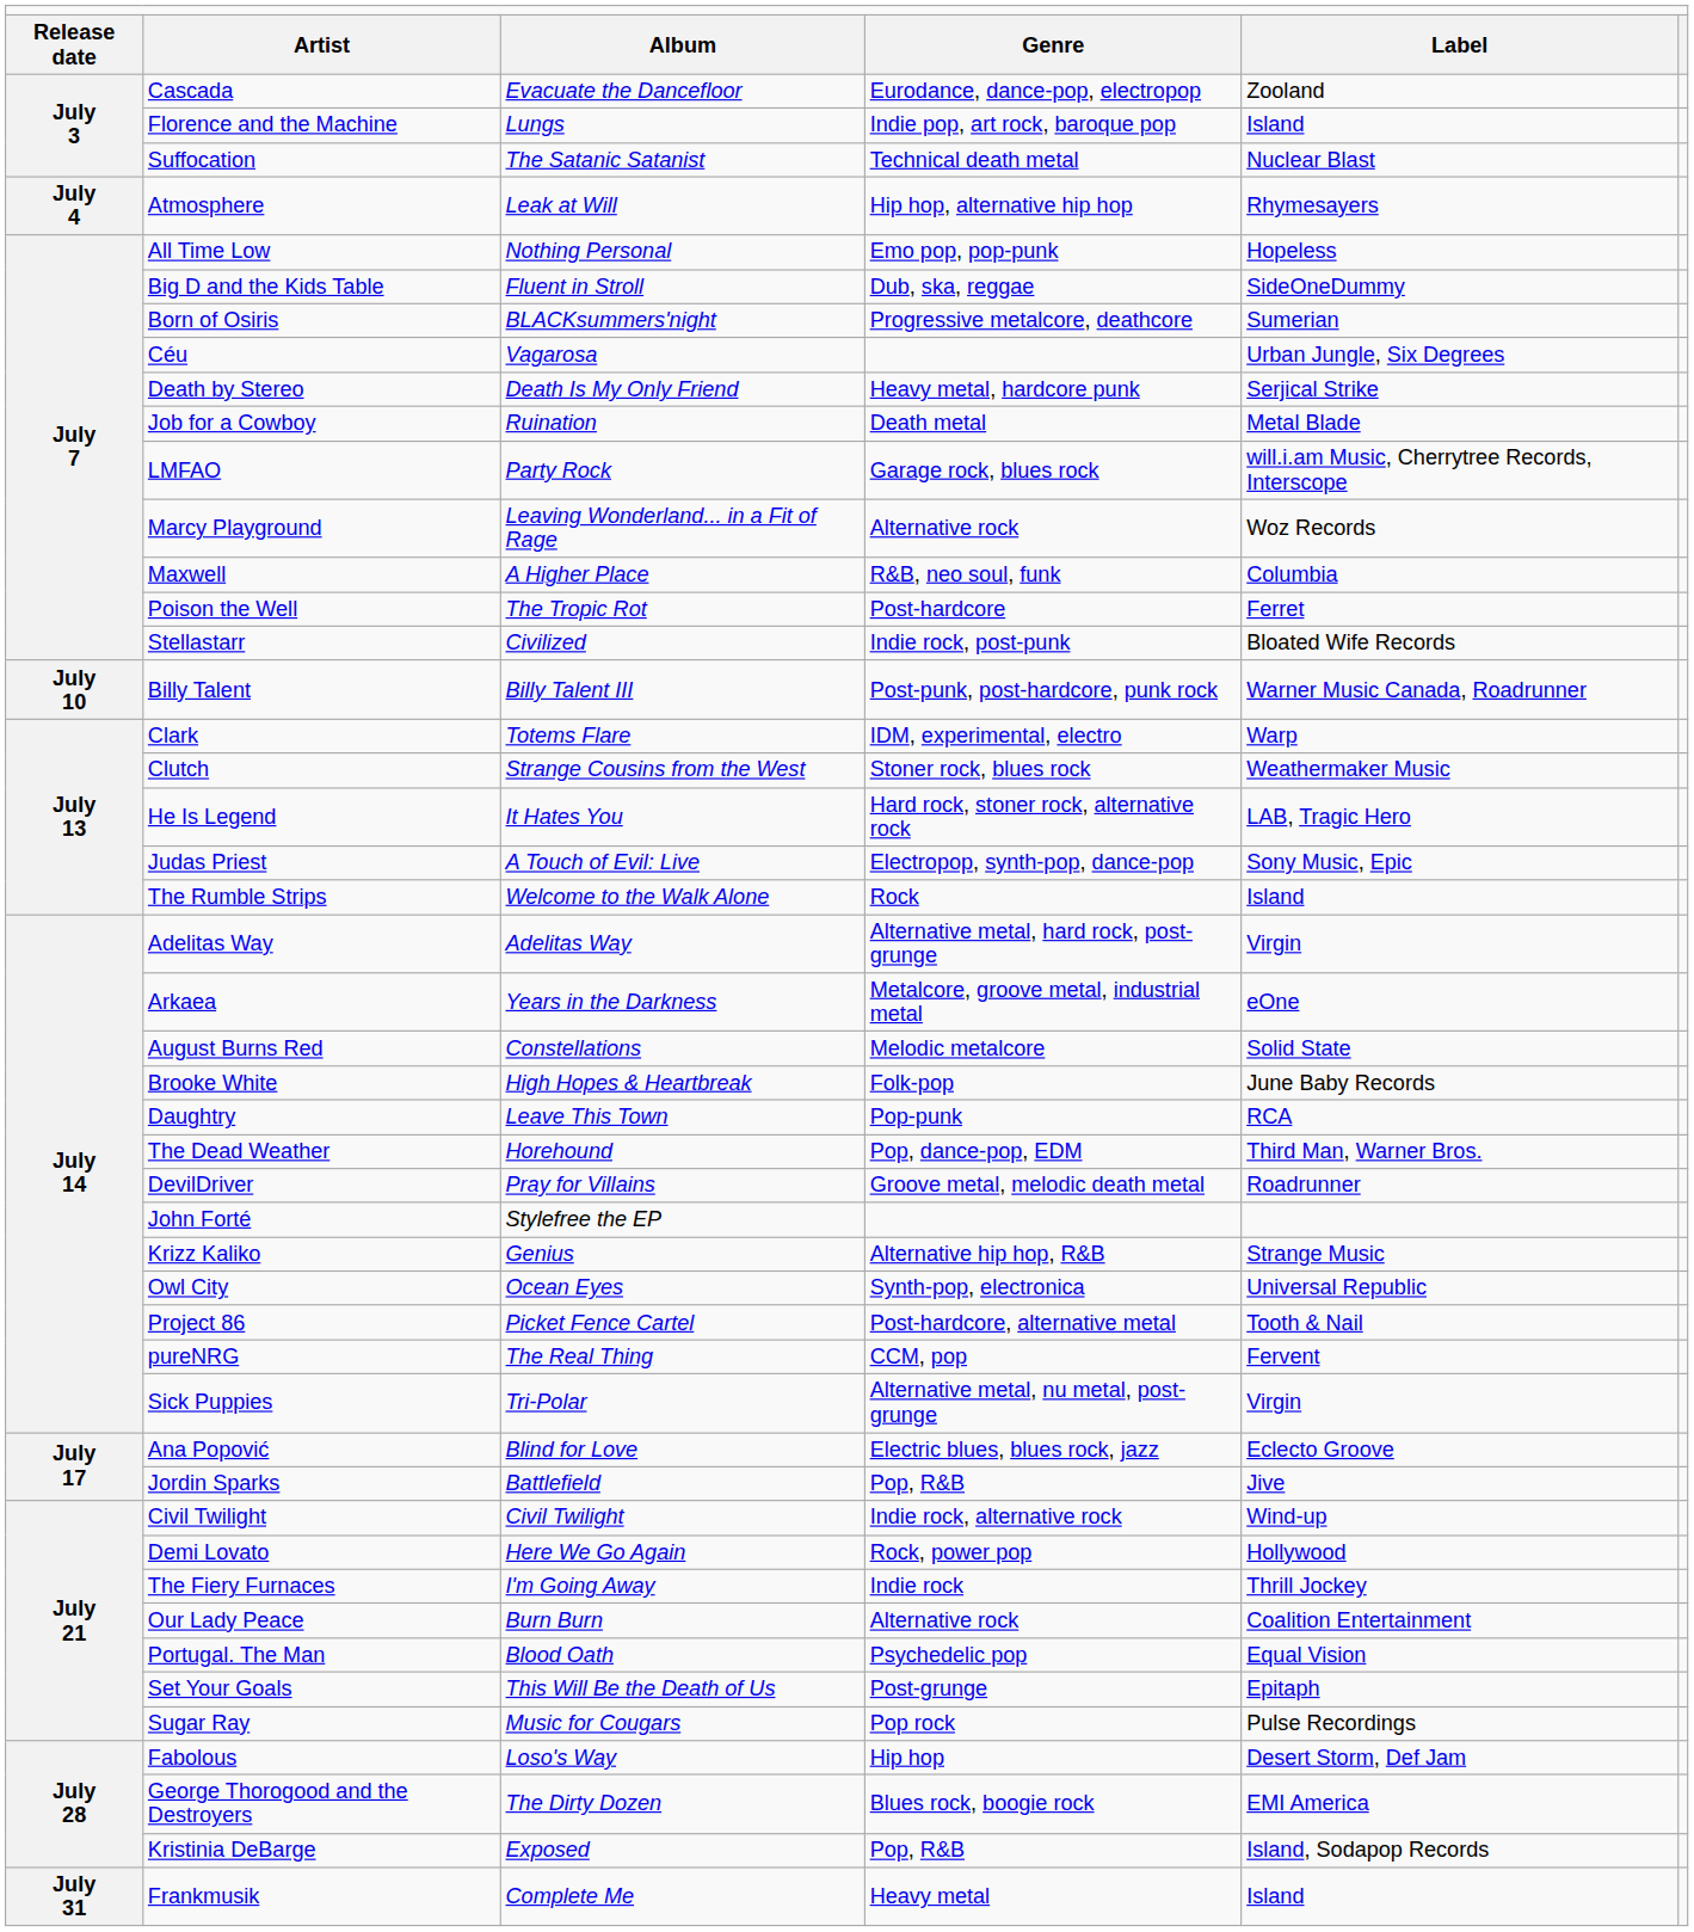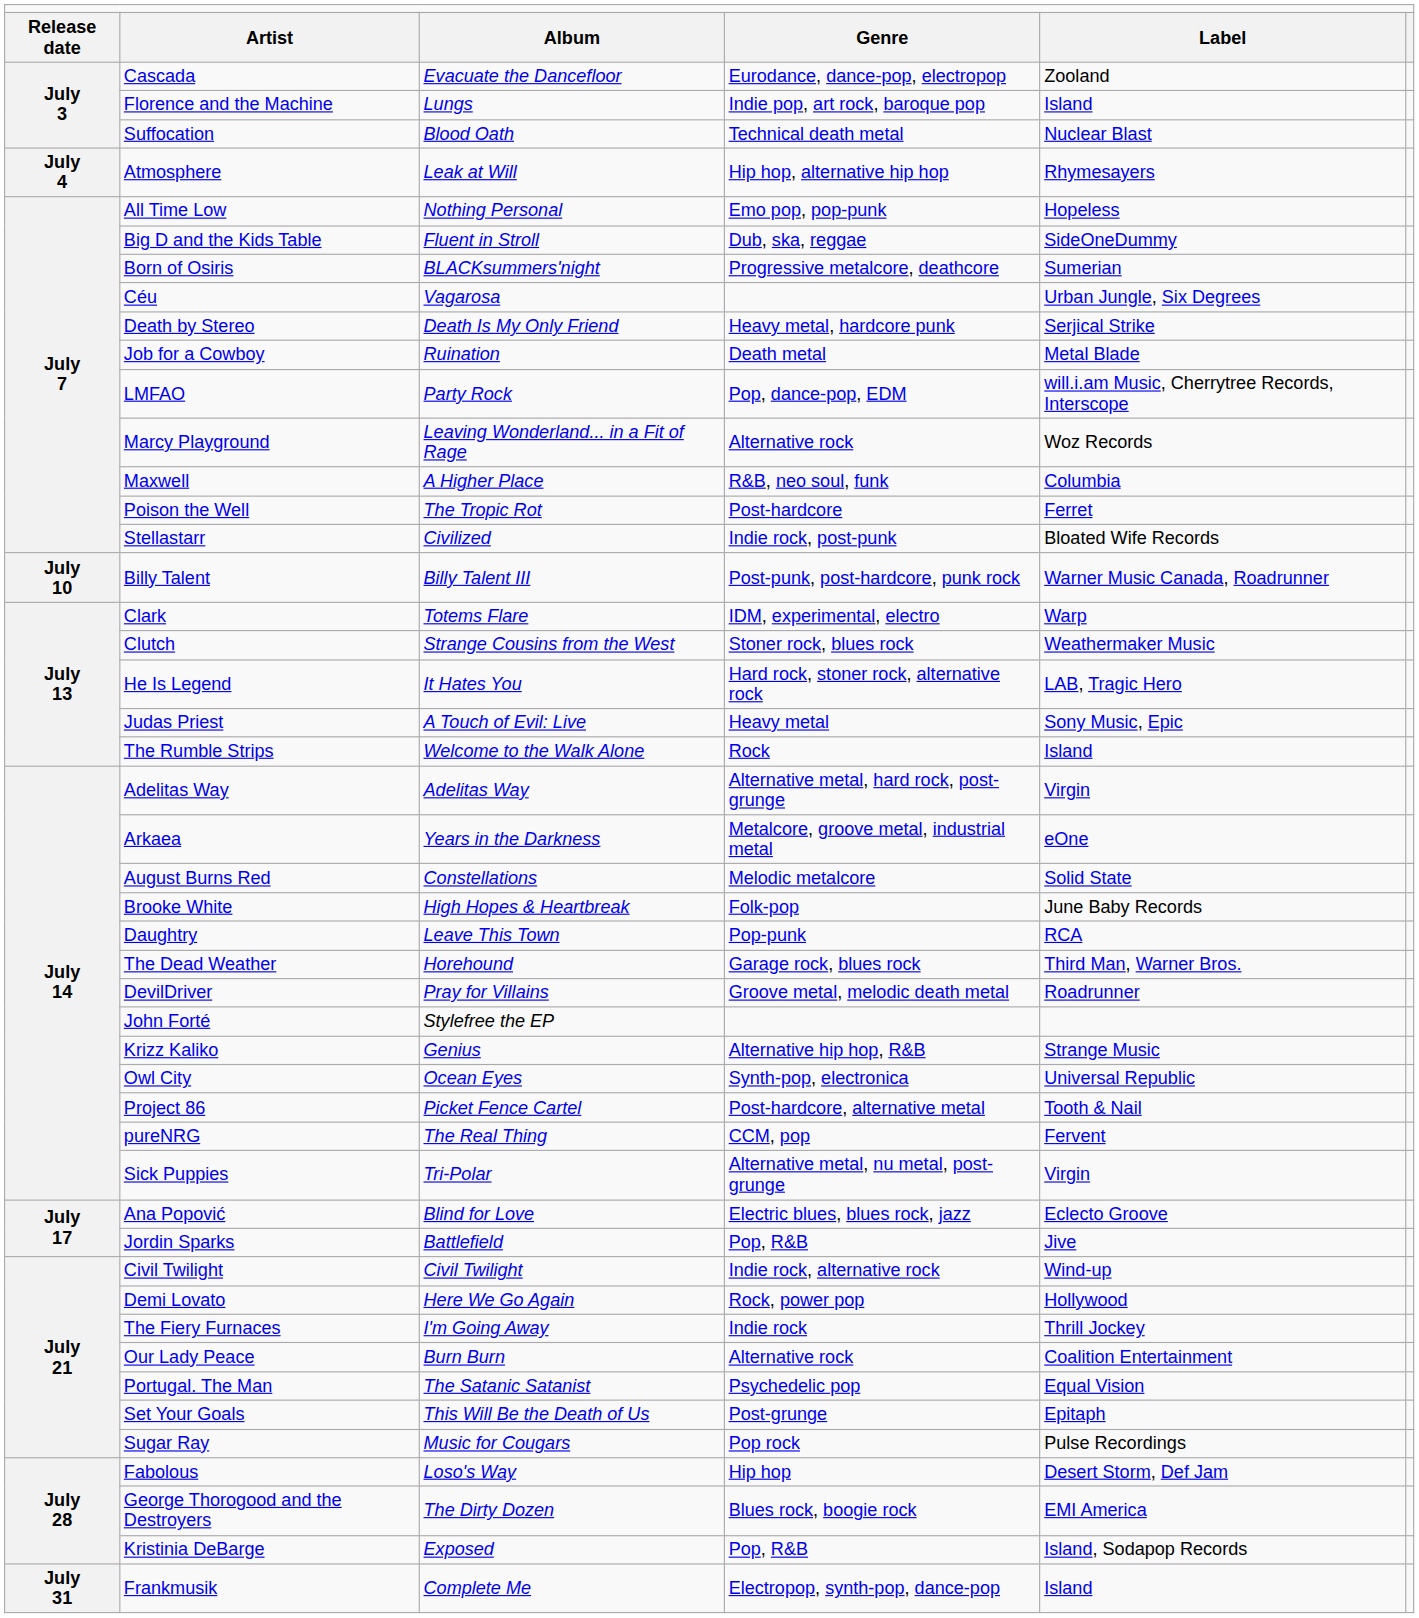 <table class="wikitable plainrowheaders">
 <tr>
 <td colspan="6" style="text-align:center;"></td>
 </tr>
 <tr>
 <th scope="col">Release date</th>
 <th scope="col">Artist</th>
 <th scope="col">Album</th>
 <th scope="col">Genre</th>
 <th scope="col">Label</th>
 <th scope="col"></th>
 </tr>
 <tr>
 <th scope="row" rowspan="3" style="text-align:center;">July<br>3</th>
 <td><a href='#'>Cascada</a></td>
 <td><em><a href='#'>Evacuate the Dancefloor</a></em></td>
 <td><a href='#'>Eurodance</a>, <a href='#'>dance-pop</a>, <a href='#'>electropop</a></td>
 <td>Zooland</td>
 <td></td>
 </tr>
 <tr>
 <td><a href='#'>Florence and the Machine</a></td>
 <td><em><a href='#'>Lungs</a></em></td>
 <td><a href='#'>Indie pop</a>, <a href='#'>art rock</a>, <a href='#'>baroque pop</a></td>
 <td><a href='#'>Island</a></td>
 <td></td>
 </tr>
 <tr>
 <td><a href='#'>Suffocation</a></td>
-<td><em><a href='#'>The Satanic Satanist</a></em></td>
+<td><em><a href='#'>Blood Oath</a></em></td>
 <td><a href='#'>Technical death metal</a></td>
 <td><a href='#'>Nuclear Blast</a></td>
 <td></td>
 </tr>
 <tr>
 <th scope="row" style="text-align:center;">July<br>4</th>
 <td><a href='#'>Atmosphere</a></td>
 <td><em><a href='#'>Leak at Will</a></em></td>
 <td><a href='#'>Hip hop</a>, <a href='#'>alternative hip hop</a></td>
 <td><a href='#'>Rhymesayers</a></td>
 <td></td>
 </tr>
 <tr>
 <th scope="row" rowspan="11" style="text-align:center;">July<br>7</th>
 <td><a href='#'>All Time Low</a></td>
 <td><em><a href='#'>Nothing Personal</a></em></td>
 <td><a href='#'>Emo pop</a>, <a href='#'>pop-punk</a></td>
 <td><a href='#'>Hopeless</a></td>
 <td></td>
 </tr>
 <tr>
 <td><a href='#'>Big D and the Kids Table</a></td>
 <td><em><a href='#'>Fluent in Stroll</a></em></td>
 <td><a href='#'>Dub</a>, <a href='#'>ska</a>, <a href='#'>reggae</a></td>
 <td><a href='#'>SideOneDummy</a></td>
 <td></td>
 </tr>
 <tr>
 <td><a href='#'>Born of Osiris</a></td>
 <td><em><a href='#'>BLACKsummers'night</a></em></td>
 <td><a href='#'>Progressive metalcore</a>, <a href='#'>deathcore</a></td>
 <td><a href='#'>Sumerian</a></td>
 <td></td>
 </tr>
 <tr>
 <td><a href='#'>Céu</a></td>
 <td><em><a href='#'>Vagarosa</a></em></td>
 <td></td>
 <td><a href='#'>Urban Jungle</a>, <a href='#'>Six Degrees</a></td>
 <td></td>
 </tr>
 <tr>
 <td><a href='#'>Death by Stereo</a></td>
 <td><em><a href='#'>Death Is My Only Friend</a></em></td>
 <td><a href='#'>Heavy metal</a>, <a href='#'>hardcore punk</a></td>
 <td><a href='#'>Serjical Strike</a></td>
 <td></td>
 </tr>
 <tr>
 <td><a href='#'>Job for a Cowboy</a></td>
 <td><em><a href='#'>Ruination</a></em></td>
 <td><a href='#'>Death metal</a></td>
 <td><a href='#'>Metal Blade</a></td>
 <td></td>
 </tr>
 <tr>
 <td><a href='#'>LMFAO</a></td>
 <td><em><a href='#'>Party Rock</a></em></td>
-<td><a href='#'>Garage rock</a>, <a href='#'>blues rock</a></td>
+<td><a href='#'>Pop</a>, <a href='#'>dance-pop</a>, <a href='#'>EDM</a></td>
 <td><a href='#'>will.i.am Music</a>, Cherrytree Records, <a href='#'>Interscope</a></td>
 <td></td>
 </tr>
 <tr>
 <td><a href='#'>Marcy Playground</a></td>
 <td><em><a href='#'>Leaving Wonderland... in a Fit of Rage</a></em></td>
 <td><a href='#'>Alternative rock</a></td>
 <td>Woz Records</td>
 <td></td>
 </tr>
 <tr>
 <td><a href='#'>Maxwell</a></td>
 <td><em><a href='#'>A Higher Place</a></em></td>
 <td><a href='#'>R&B</a>, <a href='#'>neo soul</a>, <a href='#'>funk</a></td>
 <td><a href='#'>Columbia</a></td>
 <td></td>
 </tr>
 <tr>
 <td><a href='#'>Poison the Well</a></td>
 <td><em><a href='#'>The Tropic Rot</a></em></td>
 <td><a href='#'>Post-hardcore</a></td>
 <td><a href='#'>Ferret</a></td>
 <td></td>
 </tr>
 <tr>
 <td><a href='#'>Stellastarr</a></td>
 <td><em><a href='#'>Civilized</a></em></td>
 <td><a href='#'>Indie rock</a>, <a href='#'>post-punk</a></td>
 <td>Bloated Wife Records</td>
 <td></td>
 </tr>
 <tr>
 <th scope="row" style="text-align:center;">July<br>10</th>
 <td><a href='#'>Billy Talent</a></td>
 <td><em><a href='#'>Billy Talent III</a></em></td>
 <td><a href='#'>Post-punk</a>, <a href='#'>post-hardcore</a>, <a href='#'>punk rock</a></td>
 <td><a href='#'>Warner Music Canada</a>, <a href='#'>Roadrunner</a></td>
 <td></td>
 </tr>
 <tr>
 <th scope="row" rowspan="5" style="text-align:center;">July<br>13</th>
 <td><a href='#'>Clark</a></td>
 <td><em><a href='#'>Totems Flare</a></em></td>
 <td><a href='#'>IDM</a>, <a href='#'>experimental</a>, <a href='#'>electro</a></td>
 <td><a href='#'>Warp</a></td>
 <td></td>
 </tr>
 <tr>
 <td><a href='#'>Clutch</a></td>
 <td><em><a href='#'>Strange Cousins from the West</a></em></td>
 <td><a href='#'>Stoner rock</a>, <a href='#'>blues rock</a></td>
 <td><a href='#'>Weathermaker Music</a></td>
 <td></td>
 </tr>
 <tr>
 <td><a href='#'>He Is Legend</a></td>
 <td><em><a href='#'>It Hates You</a></em></td>
 <td><a href='#'>Hard rock</a>, <a href='#'>stoner rock</a>, <a href='#'>alternative rock</a></td>
 <td><a href='#'>LAB</a>, <a href='#'>Tragic Hero</a></td>
 <td></td>
 </tr>
 <tr>
 <td><a href='#'>Judas Priest</a></td>
 <td><em><a href='#'>A Touch of Evil: Live</a></em></td>
-<td><a href='#'>Electropop</a>, <a href='#'>synth-pop</a>, <a href='#'>dance-pop</a></td>
+<td><a href='#'>Heavy metal</a></td>
 <td><a href='#'>Sony Music</a>, <a href='#'>Epic</a></td>
 <td></td>
 </tr>
 <tr>
 <td><a href='#'>The Rumble Strips</a></td>
 <td><em><a href='#'>Welcome to the Walk Alone</a></em></td>
 <td><a href='#'>Rock</a></td>
 <td><a href='#'>Island</a></td>
 <td></td>
 </tr>
 <tr>
 <th scope="row" rowspan="13" style="text-align:center;">July<br>14</th>
 <td><a href='#'>Adelitas Way</a></td>
 <td><em><a href='#'>Adelitas Way</a></em></td>
 <td><a href='#'>Alternative metal</a>, <a href='#'>hard rock</a>, <a href='#'>post-grunge</a></td>
 <td><a href='#'>Virgin</a></td>
 <td></td>
 </tr>
 <tr>
 <td><a href='#'>Arkaea</a></td>
 <td><em><a href='#'>Years in the Darkness</a></em></td>
 <td><a href='#'>Metalcore</a>, <a href='#'>groove metal</a>, <a href='#'>industrial metal</a></td>
 <td><a href='#'>eOne</a></td>
 <td></td>
 </tr>
 <tr>
 <td><a href='#'>August Burns Red</a></td>
 <td><em><a href='#'>Constellations</a></em></td>
 <td><a href='#'>Melodic metalcore</a></td>
 <td><a href='#'>Solid State</a></td>
 <td></td>
 </tr>
 <tr>
 <td><a href='#'>Brooke White</a></td>
 <td><em><a href='#'>High Hopes & Heartbreak</a></em></td>
 <td><a href='#'>Folk-pop</a></td>
 <td>June Baby Records</td>
 <td></td>
 </tr>
 <tr>
 <td><a href='#'>Daughtry</a></td>
 <td><em><a href='#'>Leave This Town</a></em></td>
 <td><a href='#'>Pop-punk</a></td>
 <td><a href='#'>RCA</a></td>
 <td></td>
 </tr>
 <tr>
 <td><a href='#'>The Dead Weather</a></td>
 <td><em><a href='#'>Horehound</a></em></td>
-<td><a href='#'>Pop</a>, <a href='#'>dance-pop</a>, <a href='#'>EDM</a></td>
+<td><a href='#'>Garage rock</a>, <a href='#'>blues rock</a></td>
 <td><a href='#'>Third Man</a>, <a href='#'>Warner Bros.</a></td>
 <td></td>
 </tr>
 <tr>
 <td><a href='#'>DevilDriver</a></td>
 <td><em><a href='#'>Pray for Villains</a></em></td>
 <td><a href='#'>Groove metal</a>, <a href='#'>melodic death metal</a></td>
 <td><a href='#'>Roadrunner</a></td>
 <td></td>
 </tr>
 <tr>
 <td><a href='#'>John Forté</a></td>
 <td><em>Stylefree the EP</em></td>
 <td></td>
 <td></td>
 <td></td>
 </tr>
 <tr>
 <td><a href='#'>Krizz Kaliko</a></td>
 <td><em><a href='#'>Genius</a></em></td>
 <td><a href='#'>Alternative hip hop</a>, <a href='#'>R&B</a></td>
 <td><a href='#'>Strange Music</a></td>
 <td></td>
 </tr>
 <tr>
 <td><a href='#'>Owl City</a></td>
 <td><em><a href='#'>Ocean Eyes</a></em></td>
 <td><a href='#'>Synth-pop</a>, <a href='#'>electronica</a></td>
 <td><a href='#'>Universal Republic</a></td>
 <td></td>
 </tr>
 <tr>
 <td><a href='#'>Project 86</a></td>
 <td><em><a href='#'>Picket Fence Cartel</a></em></td>
 <td><a href='#'>Post-hardcore</a>, <a href='#'>alternative metal</a></td>
 <td><a href='#'>Tooth & Nail</a></td>
 <td></td>
 </tr>
 <tr>
 <td><a href='#'>pureNRG</a></td>
 <td><em><a href='#'>The Real Thing</a></em></td>
 <td><a href='#'>CCM</a>, <a href='#'>pop</a></td>
 <td><a href='#'>Fervent</a></td>
 <td></td>
 </tr>
 <tr>
 <td><a href='#'>Sick Puppies</a></td>
 <td><em><a href='#'>Tri-Polar</a></em></td>
 <td><a href='#'>Alternative metal</a>, <a href='#'>nu metal</a>, <a href='#'>post-grunge</a></td>
 <td><a href='#'>Virgin</a></td>
 <td></td>
 </tr>
 <tr>
 <th scope="row" rowspan="2" style="text-align:center;">July<br>17</th>
 <td><a href='#'>Ana Popović</a></td>
 <td><em><a href='#'>Blind for Love</a></em></td>
 <td><a href='#'>Electric blues</a>, <a href='#'>blues rock</a>, <a href='#'>jazz</a></td>
 <td><a href='#'>Eclecto Groove</a></td>
 <td></td>
 </tr>
 <tr>
 <td><a href='#'>Jordin Sparks</a></td>
 <td><em><a href='#'>Battlefield</a></em></td>
 <td><a href='#'>Pop</a>, <a href='#'>R&B</a></td>
 <td><a href='#'>Jive</a></td>
 <td></td>
 </tr>
 <tr>
 <th scope="row" rowspan="7" style="text-align:center;">July<br>21</th>
 <td><a href='#'>Civil Twilight</a></td>
 <td><em><a href='#'>Civil Twilight</a></em></td>
 <td><a href='#'>Indie rock</a>, <a href='#'>alternative rock</a></td>
 <td><a href='#'>Wind-up</a></td>
 <td></td>
 </tr>
 <tr>
 <td><a href='#'>Demi Lovato</a></td>
 <td><em><a href='#'>Here We Go Again</a></em></td>
 <td><a href='#'>Rock</a>, <a href='#'>power pop</a></td>
 <td><a href='#'>Hollywood</a></td>
 <td></td>
 </tr>
 <tr>
 <td><a href='#'>The Fiery Furnaces</a></td>
 <td><em><a href='#'>I'm Going Away</a></em></td>
 <td><a href='#'>Indie rock</a></td>
 <td><a href='#'>Thrill Jockey</a></td>
 <td></td>
 </tr>
 <tr>
 <td><a href='#'>Our Lady Peace</a></td>
 <td><em><a href='#'>Burn Burn</a></em></td>
 <td><a href='#'>Alternative rock</a></td>
 <td><a href='#'>Coalition Entertainment</a></td>
 <td></td>
 </tr>
 <tr>
 <td><a href='#'>Portugal. The Man</a></td>
-<td><em><a href='#'>Blood Oath</a></em></td>
+<td><em><a href='#'>The Satanic Satanist</a></em></td>
 <td><a href='#'>Psychedelic pop</a></td>
 <td><a href='#'>Equal Vision</a></td>
 <td></td>
 </tr>
 <tr>
 <td><a href='#'>Set Your Goals</a></td>
 <td><em><a href='#'>This Will Be the Death of Us</a></em></td>
 <td><a href='#'>Post-grunge</a></td>
 <td><a href='#'>Epitaph</a></td>
 <td></td>
 </tr>
 <tr>
 <td><a href='#'>Sugar Ray</a></td>
 <td><em><a href='#'>Music for Cougars</a></em></td>
 <td><a href='#'>Pop rock</a></td>
 <td>Pulse Recordings</td>
 <td></td>
 </tr>
 <tr>
 <th scope="row" rowspan="3" style="text-align:center;">July<br>28</th>
 <td><a href='#'>Fabolous</a></td>
 <td><em><a href='#'>Loso's Way</a></em></td>
 <td><a href='#'>Hip hop</a></td>
 <td><a href='#'>Desert Storm</a>, <a href='#'>Def Jam</a></td>
 <td></td>
 </tr>
 <tr>
 <td><a href='#'>George Thorogood and the Destroyers</a></td>
 <td><em><a href='#'>The Dirty Dozen</a></em></td>
 <td><a href='#'>Blues rock</a>, <a href='#'>boogie rock</a></td>
 <td><a href='#'>EMI America</a></td>
 <td></td>
 </tr>
 <tr>
 <td><a href='#'>Kristinia DeBarge</a></td>
 <td><em><a href='#'>Exposed</a></em></td>
 <td><a href='#'>Pop</a>, <a href='#'>R&B</a></td>
 <td><a href='#'>Island</a>, Sodapop Records</td>
 <td></td>
 </tr>
 <tr>
 <th scope="row" style="text-align:center;">July<br>31</th>
 <td><a href='#'>Frankmusik</a></td>
 <td><em><a href='#'>Complete Me</a></em></td>
-<td><a href='#'>Heavy metal</a></td>
+<td><a href='#'>Electropop</a>, <a href='#'>synth-pop</a>, <a href='#'>dance-pop</a></td>
 <td><a href='#'>Island</a></td>
 <td></td>
 </tr>
 </table>
